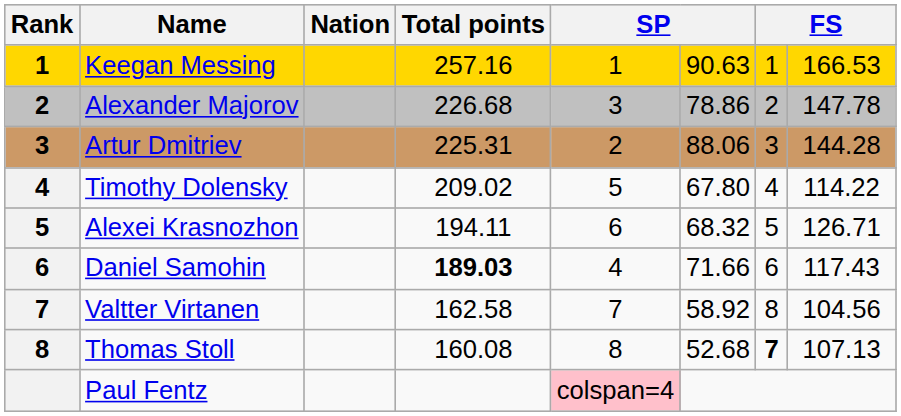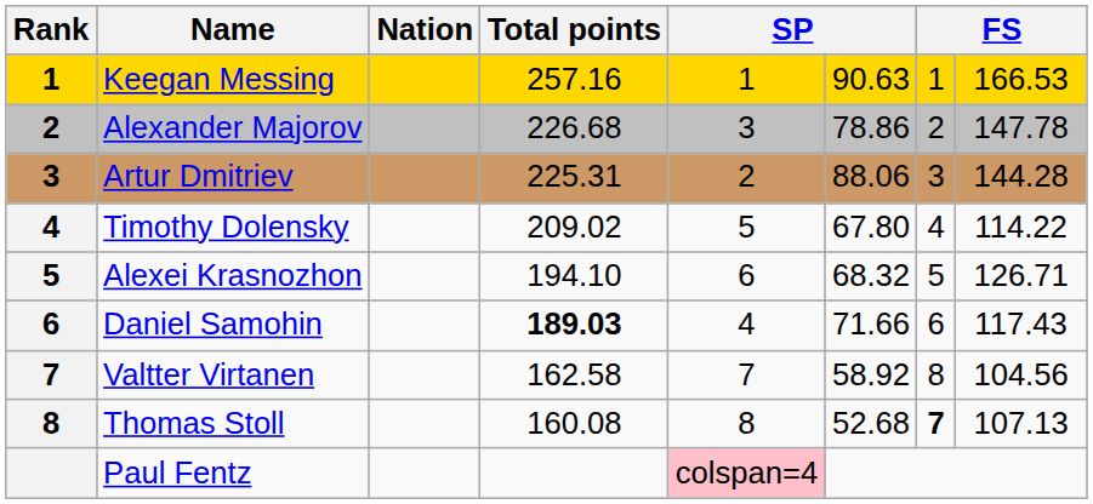 <table class="wikitable sortable">
 <tr>
 <th>Rank</th>
 <th>Name</th>
 <th>Nation</th>
 <th>Total points</th>
 <th colspan="2" width="80px"><a href='#'>SP</a></th>
 <th colspan="2" width="80px"><a href='#'>FS</a></th>
 </tr>
 <tr bgcolor="gold">
 <td align="center"><strong>1</strong></td>
 <td><a href='#'>Keegan Messing</a></td>
 <td></td>
 <td align="center">257.16</td>
 <td align="center">1</td>
 <td align="center">90.63</td>
 <td align="center">1</td>
 <td align="center">166.53</td>
 </tr>
 <tr bgcolor="silver">
 <td align="center"><strong>2</strong></td>
 <td><a href='#'>Alexander Majorov</a></td>
 <td></td>
 <td align="center">226.68</td>
 <td align="center">3</td>
 <td align="center">78.86</td>
 <td align="center">2</td>
 <td align="center">147.78</td>
 </tr>
 <tr bgcolor="cc9966">
 <td align="center"><strong>3</strong></td>
 <td><a href='#'>Artur Dmitriev</a></td>
 <td></td>
 <td align="center">225.31</td>
 <td align="center">2</td>
 <td align="center">88.06</td>
 <td align="center">3</td>
 <td align="center">144.28</td>
 </tr>
 <tr>
 <th>4</th>
 <td><a href='#'>Timothy Dolensky</a></td>
 <td></td>
 <td align="center">209.02</td>
 <td align="center">5</td>
 <td align="center">67.80</td>
 <td align="center">4</td>
 <td align="center">114.22</td>
 </tr>
 <tr>
 <th>5</th>
 <td><a href='#'>Alexei Krasnozhon</a></td>
 <td></td>
-<td align="center">194.11</td>
+<td align="center">194.10</td>
 <td align="center">6</td>
 <td align="center">68.32</td>
 <td align="center">5</td>
 <td align="center">126.71</td>
 </tr>
 <tr>
 <th>6</th>
 <td><a href='#'>Daniel Samohin</a></td>
 <td></td>
 <td align="center"><strong>189.03</strong></td>
 <td align="center">4</td>
 <td align="center">71.66</td>
 <td align="center">6</td>
 <td align="center">117.43</td>
 </tr>
 <tr>
 <th>7</th>
 <td><a href='#'>Valtter Virtanen</a></td>
 <td></td>
 <td align="center">162.58</td>
 <td align="center">7</td>
 <td align="center">58.92</td>
 <td align="center">8</td>
 <td align="center">104.56</td>
 </tr>
 <tr>
 <th>8</th>
 <td><a href='#'>Thomas Stoll</a></td>
 <td></td>
 <td align="center">160.08</td>
 <td align="center">8</td>
 <td align="center">52.68</td>
 <td align="center"><strong>7</strong></td>
 <td align="center">107.13</td>
 </tr>
 <tr>
 <th></th>
 <td><a href='#'>Paul Fentz</a></td>
 <td></td>
 <td></td>
 <td style="background: pink;">colspan=4 </td>
 </tr>
 </table>
